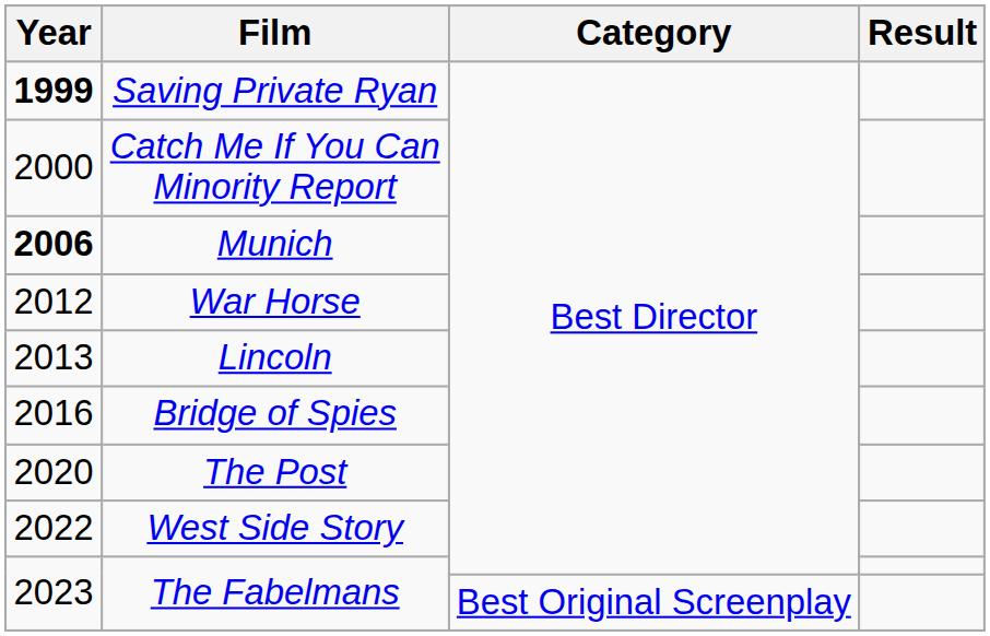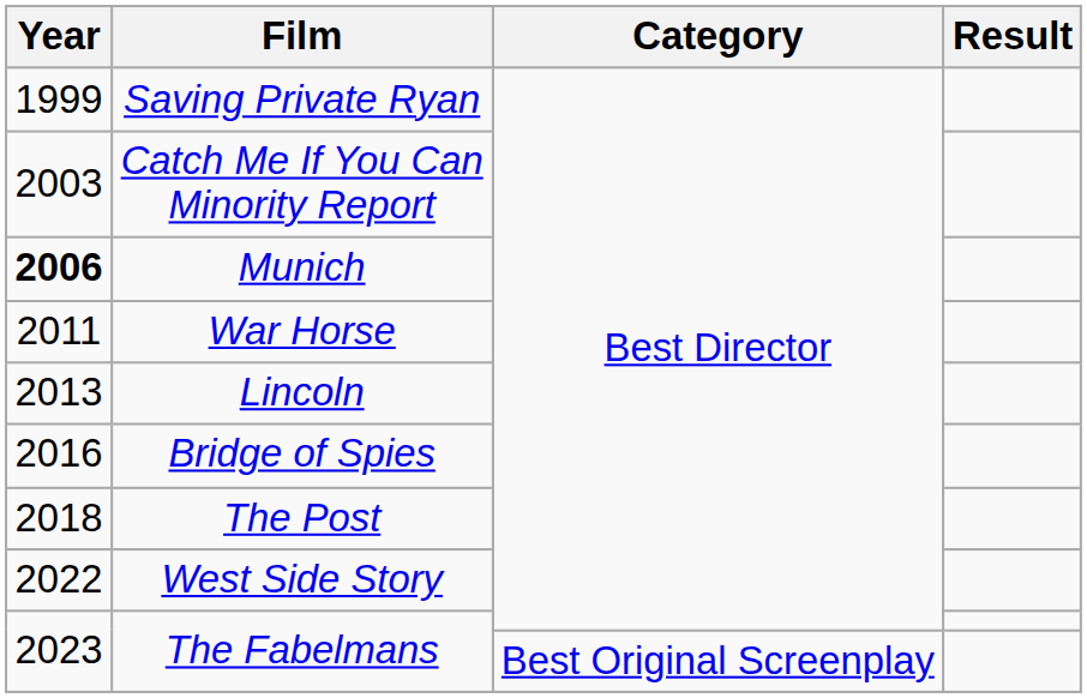 <table class="wikitable">
 <tr>
 <th>Year</th>
 <th>Film</th>
 <th>Category</th>
 <th>Result</th>
 </tr>
 <tr>
-<td style="text-align:center;"><strong>1999</strong></td>
+<td style="text-align:center;">1999</td>
 <td style="text-align:center;"><em><a href='#'>Saving Private Ryan</a></em></td>
 <td align=center rowspan="9"><a href='#'>Best Director</a></td>
 <td></td>
 </tr>
 <tr>
-<td style="text-align:center;">2000</td>
+<td style="text-align:center;">2003</td>
 <td style="text-align:center;"><em><a href='#'>Catch Me If You Can</a></em><br><a href='#'><em>Minority Report</em></a></td>
 <td></td>
 </tr>
 <tr>
 <td style="text-align:center;"><strong>2006</strong></td>
 <td style="text-align:center;"><em><a href='#'>Munich</a></em></td>
 <td></td>
 </tr>
 <tr>
-<td style="text-align:center;">2012</td>
+<td style="text-align:center;">2011</td>
 <td style="text-align:center;"><em><a href='#'>War Horse</a></em></td>
 <td></td>
 </tr>
 <tr>
 <td style="text-align:center;">2013</td>
 <td style="text-align:center;"><em><a href='#'>Lincoln</a></em></td>
 <td></td>
 </tr>
 <tr>
 <td style="text-align:center;">2016</td>
 <td style="text-align:center;"><em><a href='#'>Bridge of Spies</a></em></td>
 <td></td>
 </tr>
 <tr>
-<td style="text-align:center;">2020</td>
+<td style="text-align:center;">2018</td>
 <td style="text-align:center;"><em><a href='#'>The Post</a></em></td>
 <td></td>
 </tr>
 <tr>
 <td style="text-align:center;">2022</td>
 <td style="text-align:center;"><em><a href='#'>West Side Story</a></em></td>
 <td></td>
 </tr>
 <tr>
 <td style="text-align:center;" rowspan="2">2023</td>
 <td style="text-align:center;" rowspan="2"><em><a href='#'>The Fabelmans</a></em></td>
 <td></td>
 </tr>
 <tr>
 <td align="center"><a href='#'>Best Original Screenplay</a></td>
 <td></td>
 </tr>
 <tr>
 </tr>
 </table>
